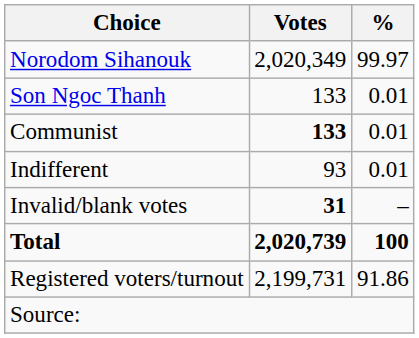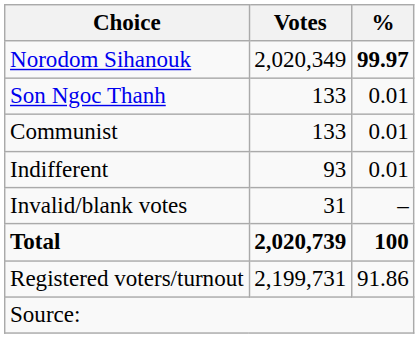 <table class=wikitable style=text-align:right>
 <tr>
 <th>Choice</th>
 <th>Votes</th>
 <th>%</th>
 </tr>
 <tr>
 <td align=left><a href='#'>Norodom Sihanouk</a></td>
 <td>2,020,349</td>
-<td>99.97</td>
+<td><strong>99.97</strong></td>
 </tr>
 <tr>
 <td align=left><a href='#'>Son Ngoc Thanh</a></td>
 <td>133</td>
 <td>0.01</td>
 </tr>
 <tr>
 <td align=left>Communist</td>
-<td><strong>133</strong></td>
+<td>133</td>
 <td>0.01</td>
 </tr>
 <tr>
 <td align=left>Indifferent</td>
 <td>93</td>
 <td>0.01</td>
 </tr>
 <tr>
 <td align=left>Invalid/blank votes</td>
-<td><strong>31</strong></td>
+<td>31</td>
 <td>–</td>
 </tr>
 <tr>
 <td align=left><strong>Total</strong></td>
 <td><strong>2,020,739</strong></td>
 <td><strong>100</strong></td>
 </tr>
 <tr>
 <td align=left>Registered voters/turnout</td>
 <td>2,199,731</td>
 <td>91.86</td>
 </tr>
 <tr>
 <td colspan=3 align=left>Source: </td>
 </tr>
 </table>
